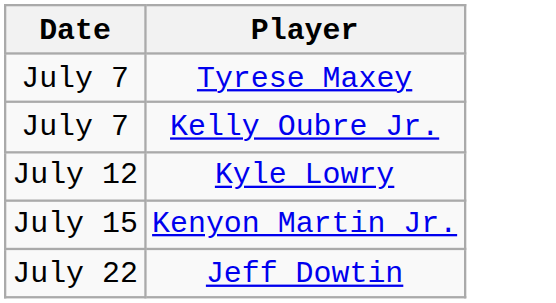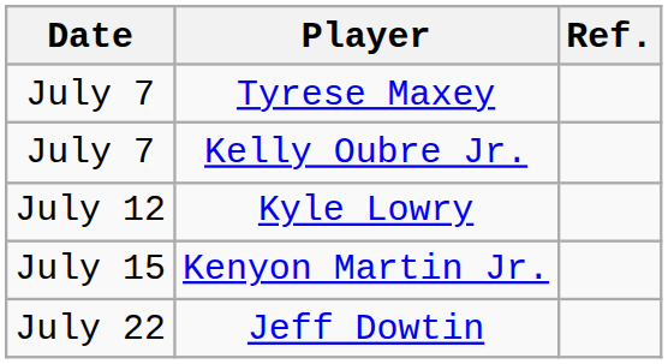 <table class="wikitable sortable sortable" style="text-align: center">
 <tr>
 <th>Date</th>
 <th>Player</th>
+<th>Ref.</th>
 </tr>
 <tr>
 <td>July 7</td>
 <td><a href='#'>Tyrese Maxey</a></td>
+<td></td>
 </tr>
 <tr>
 <td>July 7</td>
 <td><a href='#'>Kelly Oubre Jr.</a></td>
+<td></td>
 </tr>
 <tr>
 <td>July 12</td>
 <td><a href='#'>Kyle Lowry</a></td>
+<td></td>
 </tr>
 <tr>
 <td>July 15</td>
 <td><a href='#'>Kenyon Martin Jr.</a></td>
+<td></td>
 </tr>
 <tr>
 <td>July 22</td>
 <td><a href='#'>Jeff Dowtin</a></td>
+<td></td>
 </tr>
 </table>
